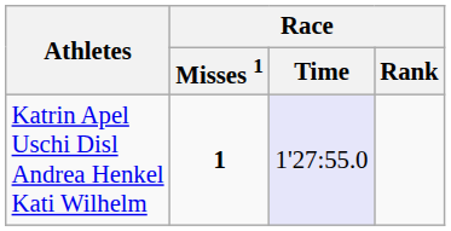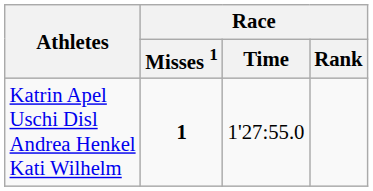 <table class="wikitable" border="1" style="font-size:90%">
 <tr>
 <th rowspan=2>Athletes</th>
 <th colspan=3>Race</th>
 </tr>
 <tr>
 <th>Misses <sup>1</sup></th>
 <th>Time</th>
 <th>Rank</th>
 </tr>
 <tr>
 <td><a href='#'>Katrin Apel</a><br><a href='#'>Uschi Disl</a><br><a href='#'>Andrea Henkel</a><br><a href='#'>Kati Wilhelm</a></td>
 <td align=center><strong>1</strong></td>
-<td align=center style="background: lavender;">1'27:55.0</td>
+<td align=center>1'27:55.0</td>
 <td align=center></td>
 </tr>
 </table>
